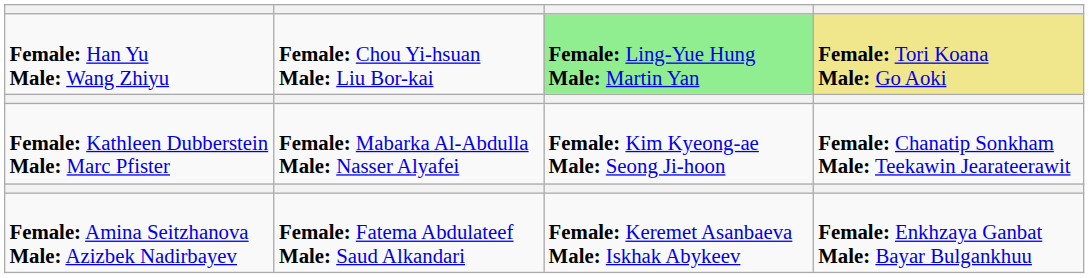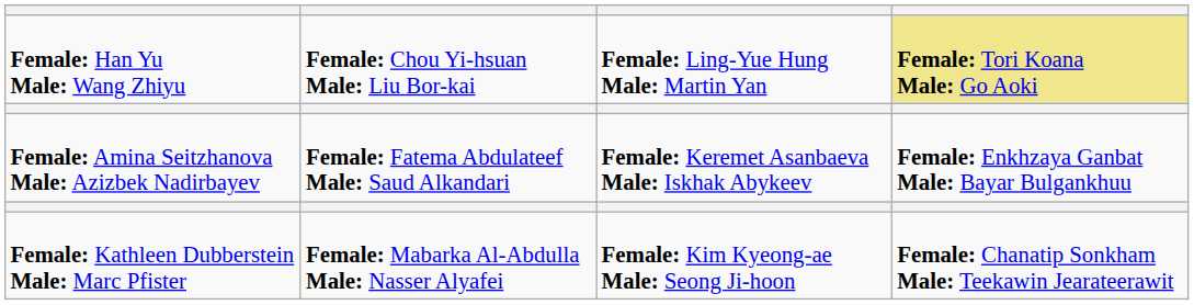 <table class=wikitable>
 <tr>
 <th width=200></th>
 <th width=200></th>
 <th width=200></th>
 <th width=200></th>
 </tr>
 <tr>
 <td><br><strong>Female:</strong> <a href='#'>Han Yu</a><br> <strong>Male:</strong> <a href='#'>Wang Zhiyu</a></td>
 <td><br><strong>Female:</strong> <a href='#'>Chou Yi-hsuan</a><br> <strong>Male:</strong> <a href='#'>Liu Bor-kai</a></td>
-<td style="background: lightgreen;"><br><strong>Female:</strong> <a href='#'>Ling-Yue Hung</a><br> <strong>Male:</strong> <a href='#'>Martin Yan</a></td>
+<td><br><strong>Female:</strong> <a href='#'>Ling-Yue Hung</a><br> <strong>Male:</strong> <a href='#'>Martin Yan</a></td>
 <td style="background: khaki;"><br><strong>Female:</strong> <a href='#'>Tori Koana</a><br> <strong>Male:</strong> <a href='#'>Go Aoki</a></td>
+</tr>
+<tr>
+<th width=200></th>
+<th width=200></th>
+<th width=200></th>
+<th width=200></th>
+</tr>
+<tr>
+<td><br><strong>Female:</strong> <a href='#'>Amina Seitzhanova</a><br> <strong>Male:</strong> <a href='#'>Azizbek Nadirbayev</a></td>
+<td><br><strong>Female:</strong> <a href='#'>Fatema Abdulateef</a><br> <strong>Male:</strong> <a href='#'>Saud Alkandari</a></td>
+<td><br><strong>Female:</strong> <a href='#'>Keremet Asanbaeva</a><br> <strong>Male:</strong> <a href='#'>Iskhak Abykeev</a></td>
+<td><br><strong>Female:</strong> <a href='#'>Enkhzaya Ganbat</a><br> <strong>Male:</strong> <a href='#'>Bayar Bulgankhuu</a></td>
 </tr>
 <tr>
 <th width=200></th>
 <th width=200></th>
 <th width=200></th>
 <th width=200></th>
 </tr>
 <tr>
 <td><br><strong>Female:</strong> <a href='#'>Kathleen Dubberstein</a><br> <strong>Male:</strong> <a href='#'>Marc Pfister</a></td>
 <td><br><strong>Female:</strong> <a href='#'>Mabarka Al-Abdulla</a><br> <strong>Male:</strong> <a href='#'>Nasser Alyafei</a></td>
 <td><br><strong>Female:</strong> <a href='#'>Kim Kyeong-ae</a><br> <strong>Male:</strong> <a href='#'>Seong Ji-hoon</a></td>
 <td><br><strong>Female:</strong> <a href='#'>Chanatip Sonkham</a><br> <strong>Male:</strong> <a href='#'>Teekawin Jearateerawit</a></td>
 </tr>
-<tr>
-<th width=200></th>
-<th width=200></th>
-<th width=200></th>
-<th width=200></th>
-</tr>
-<tr>
-<td><br><strong>Female:</strong> <a href='#'>Amina Seitzhanova</a><br> <strong>Male:</strong> <a href='#'>Azizbek Nadirbayev</a></td>
-<td><br><strong>Female:</strong> <a href='#'>Fatema Abdulateef</a><br> <strong>Male:</strong> <a href='#'>Saud Alkandari</a></td>
-<td><br><strong>Female:</strong> <a href='#'>Keremet Asanbaeva</a><br> <strong>Male:</strong> <a href='#'>Iskhak Abykeev</a></td>
-<td><br><strong>Female:</strong> <a href='#'>Enkhzaya Ganbat</a><br> <strong>Male:</strong> <a href='#'>Bayar Bulgankhuu</a></td>
-</tr>
 </table>
